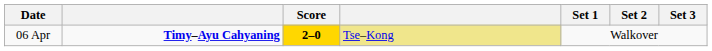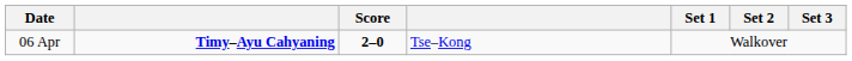 <table class="wikitable" style="text-align: center; font-size:90% ">
 <tr>
 <th width="60">Date</th>
 <th align="right" width="250"></th>
 <th width="60">Score</th>
 <th align="left" width="250"></th>
 <th width="50">Set 1</th>
 <th width="50">Set 2</th>
 <th width="50">Set 3</th>
 </tr>
 <tr>
 <td>06 Apr</td>
 <td align=right><strong><a href='#'>Timy</a>–<a href='#'>Ayu Cahyaning</a> </strong></td>
-<td align=center style="background: gold;"><strong>2–0</strong></td>
-<td align=left style="background: khaki;"> <a href='#'>Tse</a>–<a href='#'>Kong</a></td>
+<td align=center><strong>2–0</strong></td>
+<td align=left> <a href='#'>Tse</a>–<a href='#'>Kong</a></td>
 <td colspan=3>Walkover</td>
 </tr>
 </table>
